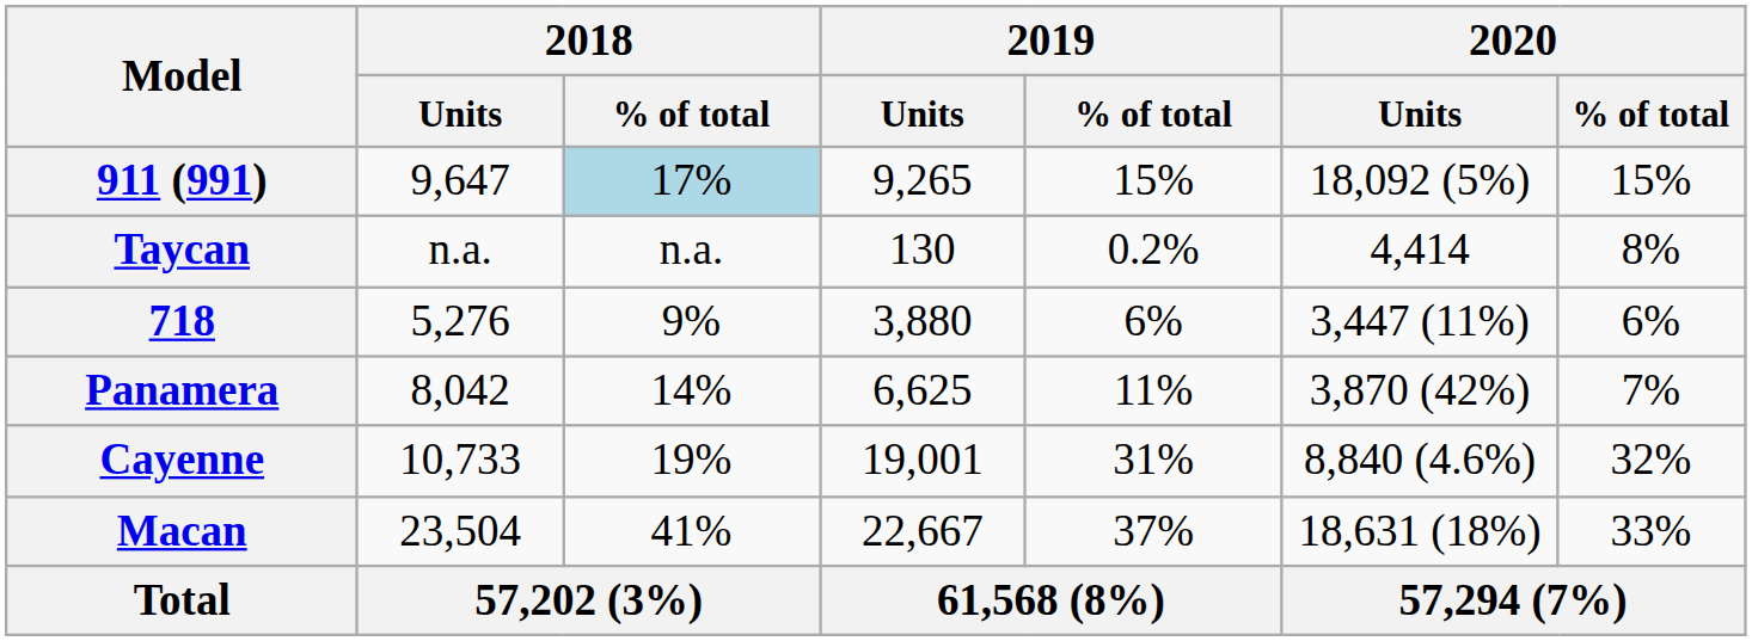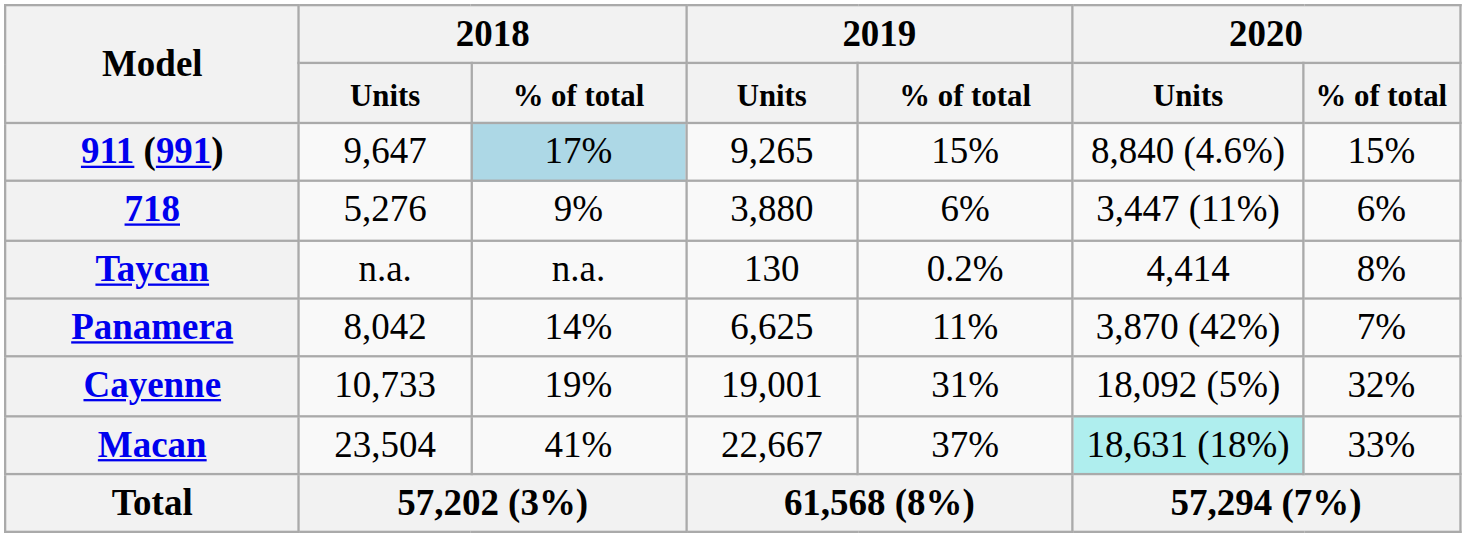 <table class="wikitable" style="text-align:center; text-size:94%;">
 <tr>
 <th rowspan="2" style="width:120px;">Model</th>
 <th colspan="2" style="width:160px;">2018</th>
 <th colspan="2" style="width:160px;">2019</th>
 <th colspan="2" style="width:160px;">2020</th>
 </tr>
 <tr>
 <th><small>Units</small></th>
 <th><small>% of total</small></th>
 <th><small>Units</small></th>
 <th><small>% of total</small></th>
 <th><small>Units</small></th>
 <th><small>% of total</small></th>
 </tr>
 <tr>
 <th><a href='#'>911</a> (<a href='#'>991</a>)</th>
 <td>9,647</td>
 <td style="background: lightblue;">17%</td>
 <td>9,265</td>
 <td>15%</td>
-<td>18,092 (5%)</td>
+<td>8,840 (4.6%)</td>
 <td>15%</td>
+</tr>
+<tr>
+<th><a href='#'>718</a></th>
+<td>5,276</td>
+<td>9%</td>
+<td>3,880</td>
+<td>6%</td>
+<td>3,447 (11%)</td>
+<td>6%</td>
 </tr>
 <tr>
 <th><a href='#'>Taycan</a></th>
 <td>n.a.</td>
 <td>n.a.</td>
 <td>130</td>
 <td>0.2%</td>
 <td>4,414</td>
 <td>8%</td>
-</tr>
-<tr>
-<th><a href='#'>718</a></th>
-<td>5,276</td>
-<td>9%</td>
-<td>3,880</td>
-<td>6%</td>
-<td>3,447 (11%)</td>
-<td>6%</td>
 </tr>
 <tr>
 <th><a href='#'>Panamera</a></th>
 <td>8,042</td>
 <td>14%</td>
 <td>6,625</td>
 <td>11%</td>
 <td>3,870 (42%)</td>
 <td>7%</td>
 </tr>
 <tr>
 <th><a href='#'>Cayenne</a></th>
 <td>10,733</td>
 <td>19%</td>
 <td>19,001</td>
 <td>31%</td>
-<td>8,840 (4.6%)</td>
+<td>18,092 (5%)</td>
 <td>32%</td>
 </tr>
 <tr>
 <th><a href='#'>Macan</a></th>
 <td>23,504</td>
 <td>41%</td>
 <td>22,667</td>
 <td>37%</td>
-<td>18,631 (18%)</td>
+<td style="background: paleturquoise;">18,631 (18%)</td>
 <td>33%</td>
 </tr>
 <tr style="background:WhiteSmoke;">
 <th>Total</th>
 <th colspan=2>57,202 (3%)</th>
 <th colspan=2>61,568 (8%)</th>
 <th colspan=2>57,294 (7%)</th>
 </tr>
 </table>
